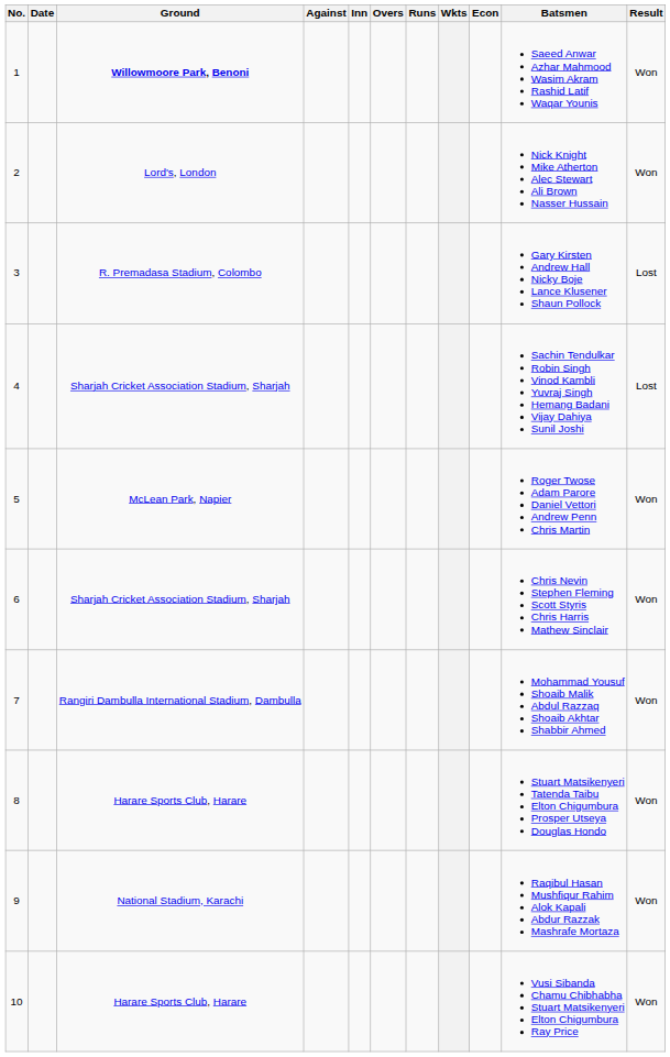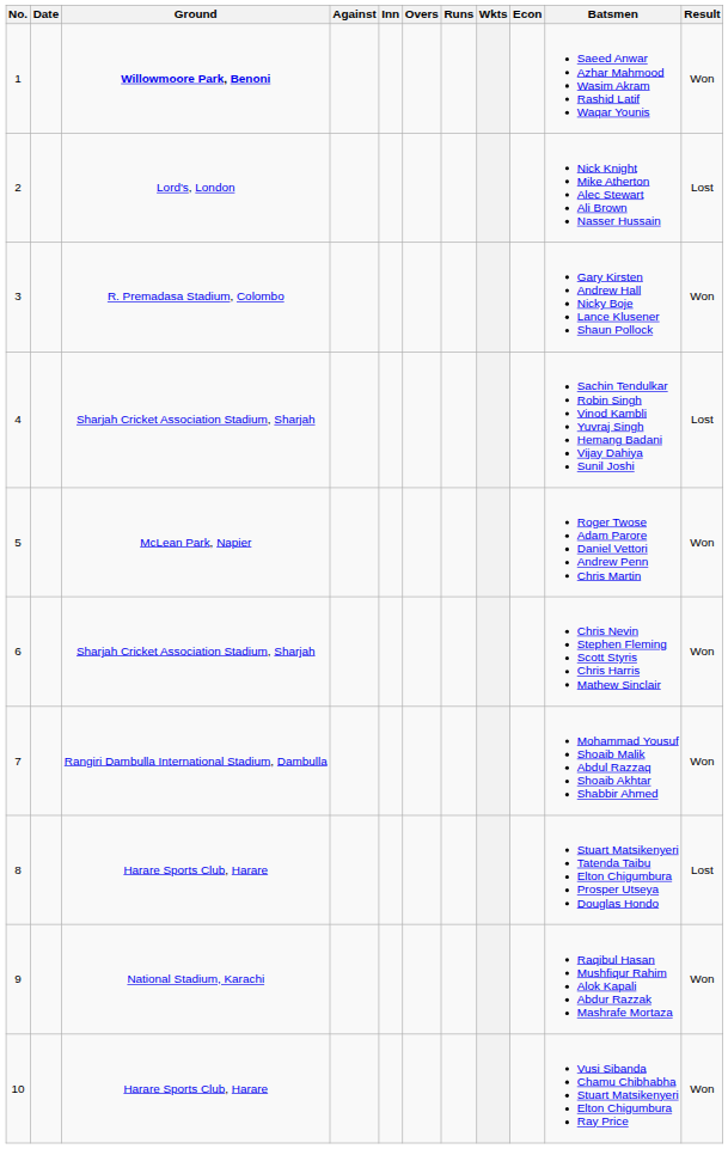 <table class="wikitable sortable" style="margin: 1em auto 1em auto">
 <tr align=center>
 <th>No.</th>
 <th>Date</th>
 <th>Ground</th>
 <th>Against</th>
 <th>Inn</th>
 <th>Overs</th>
 <th>Runs</th>
 <th>Wkts</th>
 <th>Econ</th>
 <th class="unsortable">Batsmen</th>
 <th>Result</th>
 </tr>
 <tr align=center>
 <td>1</td>
 <td></td>
 <td><strong><a href='#'>Willowmoore Park</a>, <a href='#'>Benoni</a></strong></td>
 <td></td>
 <td></td>
 <td></td>
 <td></td>
 <th scope="row"></th>
 <td></td>
 <td align=left><br><ul><li><a href='#'>Saeed Anwar</a></li><li><a href='#'>Azhar Mahmood</a></li><li><a href='#'>Wasim Akram</a></li><li><a href='#'>Rashid Latif</a></li><li><a href='#'>Waqar Younis</a></li></ul></td>
 <td>Won</td>
 </tr>
 <tr align=center>
 <td>2</td>
 <td> </td>
 <td><a href='#'>Lord's</a>, <a href='#'>London</a></td>
 <td></td>
 <td></td>
 <td></td>
 <td></td>
 <th scope="row"></th>
 <td></td>
 <td align=left><br><ul><li><a href='#'>Nick Knight</a></li><li><a href='#'>Mike Atherton</a></li><li><a href='#'>Alec Stewart</a></li><li><a href='#'>Ali Brown</a></li><li><a href='#'>Nasser Hussain</a></li></ul></td>
-<td>Won</td>
+<td>Lost</td>
 </tr>
 <tr align=center>
 <td>3</td>
 <td> </td>
 <td><a href='#'>R. Premadasa Stadium</a>, <a href='#'>Colombo</a></td>
 <td></td>
 <td></td>
 <td></td>
 <td></td>
 <th scope="row"></th>
 <td></td>
 <td align=left><br><ul><li><a href='#'>Gary Kirsten</a></li><li><a href='#'>Andrew Hall</a></li><li><a href='#'>Nicky Boje</a></li><li><a href='#'>Lance Klusener</a></li><li><a href='#'>Shaun Pollock</a></li></ul></td>
-<td>Lost</td>
+<td>Won</td>
 </tr>
 <tr align=center>
 <td>4</td>
 <td> </td>
 <td><a href='#'>Sharjah Cricket Association Stadium</a>, <a href='#'>Sharjah</a></td>
 <td></td>
 <td></td>
 <td></td>
 <td></td>
 <th scope="row"></th>
 <td></td>
 <td align=left><br><ul><li><a href='#'>Sachin Tendulkar</a></li><li><a href='#'>Robin Singh</a></li><li><a href='#'>Vinod Kambli</a></li><li><a href='#'>Yuvraj Singh</a></li><li><a href='#'>Hemang Badani</a></li><li><a href='#'>Vijay Dahiya</a></li><li><a href='#'>Sunil Joshi</a></li></ul></td>
 <td>Lost</td>
 </tr>
 <tr align=center>
 <td>5</td>
 <td> </td>
 <td><a href='#'>McLean Park</a>, <a href='#'>Napier</a></td>
 <td></td>
 <td></td>
 <td></td>
 <td></td>
 <th scope="row"></th>
 <td></td>
 <td align=left><br><ul><li><a href='#'>Roger Twose</a></li><li><a href='#'>Adam Parore</a></li><li><a href='#'>Daniel Vettori</a></li><li><a href='#'>Andrew Penn</a></li><li><a href='#'>Chris Martin</a></li></ul></td>
 <td>Won</td>
 </tr>
 <tr align=center>
 <td>6</td>
 <td></td>
 <td><a href='#'>Sharjah Cricket Association Stadium</a>, <a href='#'>Sharjah</a></td>
 <td></td>
 <td></td>
 <td></td>
 <td></td>
 <th scope="row"></th>
 <td></td>
 <td align=left><br><ul><li><a href='#'>Chris Nevin</a></li><li><a href='#'>Stephen Fleming</a></li><li><a href='#'>Scott Styris</a></li><li><a href='#'>Chris Harris</a></li><li><a href='#'>Mathew Sinclair</a></li></ul></td>
 <td>Won</td>
 </tr>
 <tr align=center>
 <td>7</td>
 <td> </td>
 <td><a href='#'>Rangiri Dambulla International Stadium</a>, <a href='#'>Dambulla</a></td>
 <td></td>
 <td></td>
 <td></td>
 <td></td>
 <th scope="row"></th>
 <td></td>
 <td align=left><br><ul><li><a href='#'>Mohammad Yousuf</a></li><li><a href='#'>Shoaib Malik</a></li><li><a href='#'>Abdul Razzaq</a></li><li><a href='#'>Shoaib Akhtar</a></li><li><a href='#'>Shabbir Ahmed</a></li></ul></td>
 <td>Won</td>
 </tr>
 <tr align=center>
 <td>8</td>
 <td></td>
 <td><a href='#'>Harare Sports Club</a>, <a href='#'>Harare</a></td>
 <td></td>
 <td></td>
 <td></td>
 <td></td>
 <th scope="row"></th>
 <td></td>
 <td align=left><br><ul><li><a href='#'>Stuart Matsikenyeri</a></li><li><a href='#'>Tatenda Taibu</a></li><li><a href='#'>Elton Chigumbura</a></li><li><a href='#'>Prosper Utseya</a></li><li><a href='#'>Douglas Hondo</a></li></ul></td>
-<td>Won</td>
+<td>Lost</td>
 </tr>
 <tr align=center>
 <td>9</td>
 <td></td>
 <td><a href='#'>National Stadium, Karachi</a></td>
 <td></td>
 <td></td>
 <td></td>
 <td></td>
 <th scope="row"></th>
 <td></td>
 <td align=left><br><ul><li><a href='#'>Raqibul Hasan</a></li><li><a href='#'>Mushfiqur Rahim</a></li><li><a href='#'>Alok Kapali</a></li><li><a href='#'>Abdur Razzak</a></li><li><a href='#'>Mashrafe Mortaza</a></li></ul></td>
 <td>Won</td>
 </tr>
 <tr align=center>
 <td>10</td>
 <td> </td>
 <td><a href='#'>Harare Sports Club</a>, <a href='#'>Harare</a></td>
 <td></td>
 <td></td>
 <td></td>
 <td></td>
 <th scope="row"></th>
 <td></td>
 <td align=left><br><ul><li><a href='#'>Vusi Sibanda</a></li><li><a href='#'>Chamu Chibhabha</a></li><li><a href='#'>Stuart Matsikenyeri</a></li><li><a href='#'>Elton Chigumbura</a></li><li><a href='#'>Ray Price</a></li></ul></td>
 <td>Won</td>
 </tr>
 </table>
